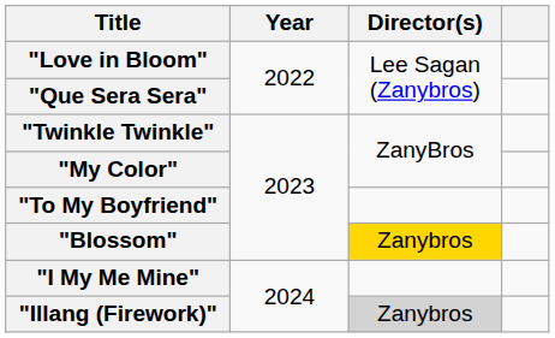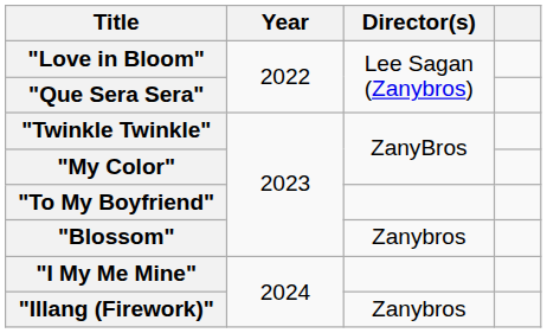 <table class="wikitable plainrowheaders" style="text-align:center;">
 <tr>
 <th scope="col" width="150">Title</th>
 <th scope="col" width="75">Year</th>
 <th scope="col" width="100">Director(s)</th>
 <th scope="col" width="25"></th>
 </tr>
 <tr>
 <th scope="row">"Love in Bloom"</th>
 <td rowspan="2">2022</td>
 <td rowspan="2">Lee Sagan (<a href='#'>Zanybros</a>)</td>
 <td></td>
 </tr>
 <tr>
 <th scope="row">"Que Sera Sera"</th>
 <td></td>
 </tr>
 <tr>
 <th scope="row">"Twinkle Twinkle"</th>
 <td rowspan="4">2023</td>
 <td rowspan="2">ZanyBros</td>
 <td></td>
 </tr>
 <tr>
 <th scope="row">"My Color"</th>
 <td></td>
 </tr>
 <tr>
 <th scope="row">"To My Boyfriend"</th>
 <td></td>
 <td></td>
 </tr>
 <tr>
 <th scope="row">"Blossom"</th>
-<td style="background: gold;">Zanybros</td>
+<td>Zanybros</td>
 <td></td>
 </tr>
 <tr>
 <th scope="row">"I My Me Mine"</th>
 <td rowspan="2">2024</td>
 <td></td>
 <td></td>
 </tr>
 <tr>
 <th scope="row">"Illang (Firework)"</th>
-<td style="background: lightgrey;">Zanybros</td>
+<td>Zanybros</td>
 <td></td>
 </tr>
 </table>
